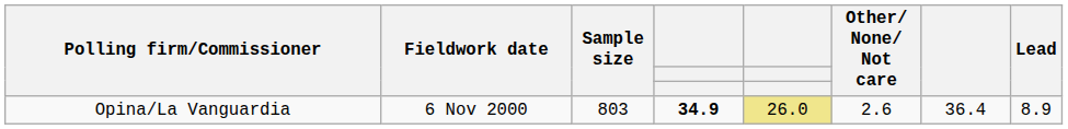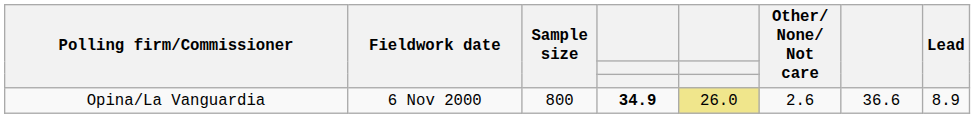 <table class="wikitable collapsible collapsed" style="text-align:center; font-size:90%; line-height:14px;">
 <tr style="height:42px;">
 <th style="width:250px;" rowspan="3">Polling firm/Commissioner</th>
 <th style="width:125px;" rowspan="3">Fieldwork date</th>
 <th style="width:50px;" rowspan="3">Sample size</th>
 <th style="width:55px;"></th>
 <th style="width:55px;"></th>
 <th style="width:55px;" rowspan="3">Other/<br>None/<br>Not<br>care</th>
 <th style="width:55px;" rowspan="3"></th>
 <th style="width:30px;" rowspan="3">Lead</th>
 </tr>
 <tr>
 <th style="color:inherit;background:"></th>
 <th style="color:inherit;background:"></th>
 </tr>
 <tr>
 <th></th>
 <th></th>
 </tr>
 <tr>
 <td>Opina/La Vanguardia</td>
 <td>6 Nov 2000</td>
-<td>803</td>
+<td>800</td>
 <td><strong>34.9</strong></td>
 <td style="background: khaki;">26.0</td>
 <td>2.6</td>
-<td>36.4</td>
+<td>36.6</td>
 <td style="background:">8.9</td>
 </tr>
 </table>
